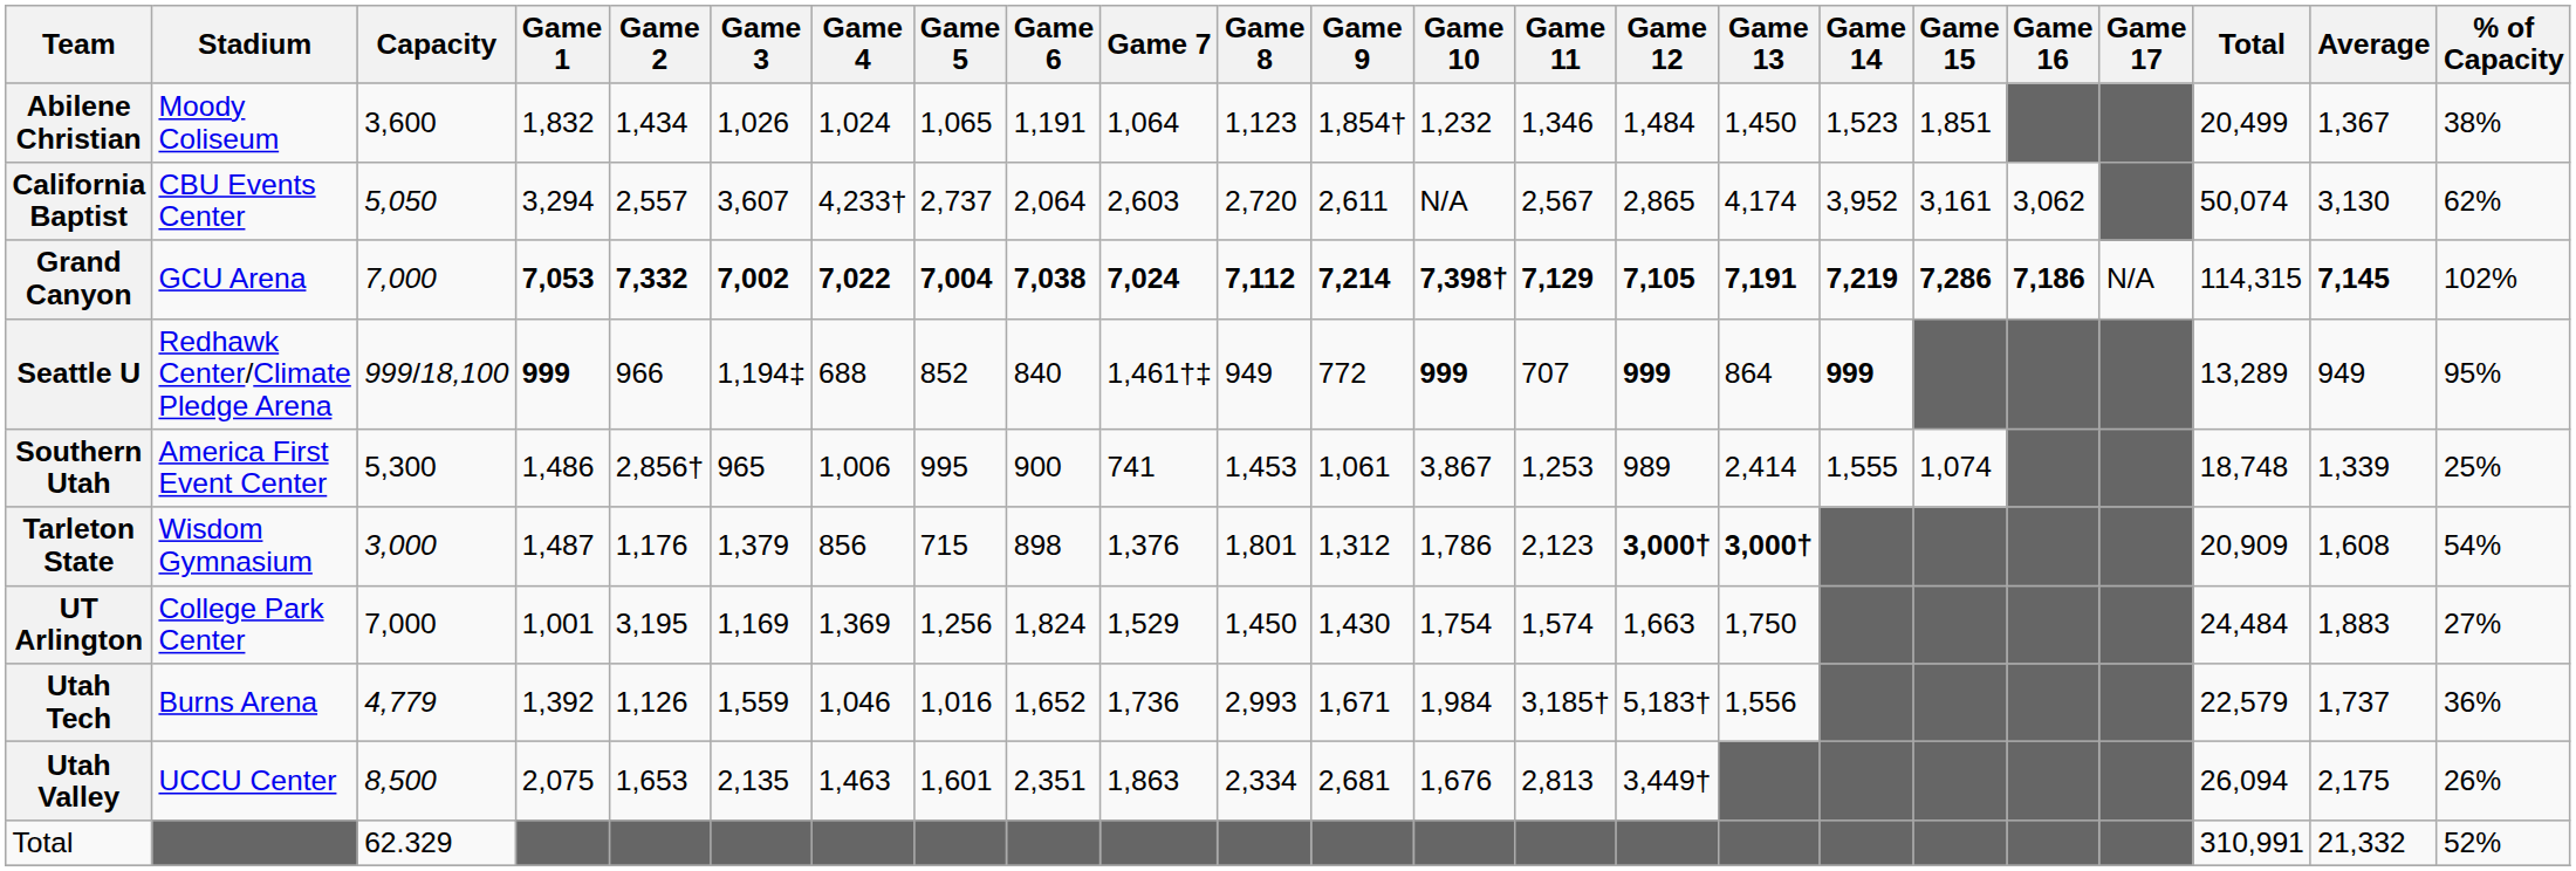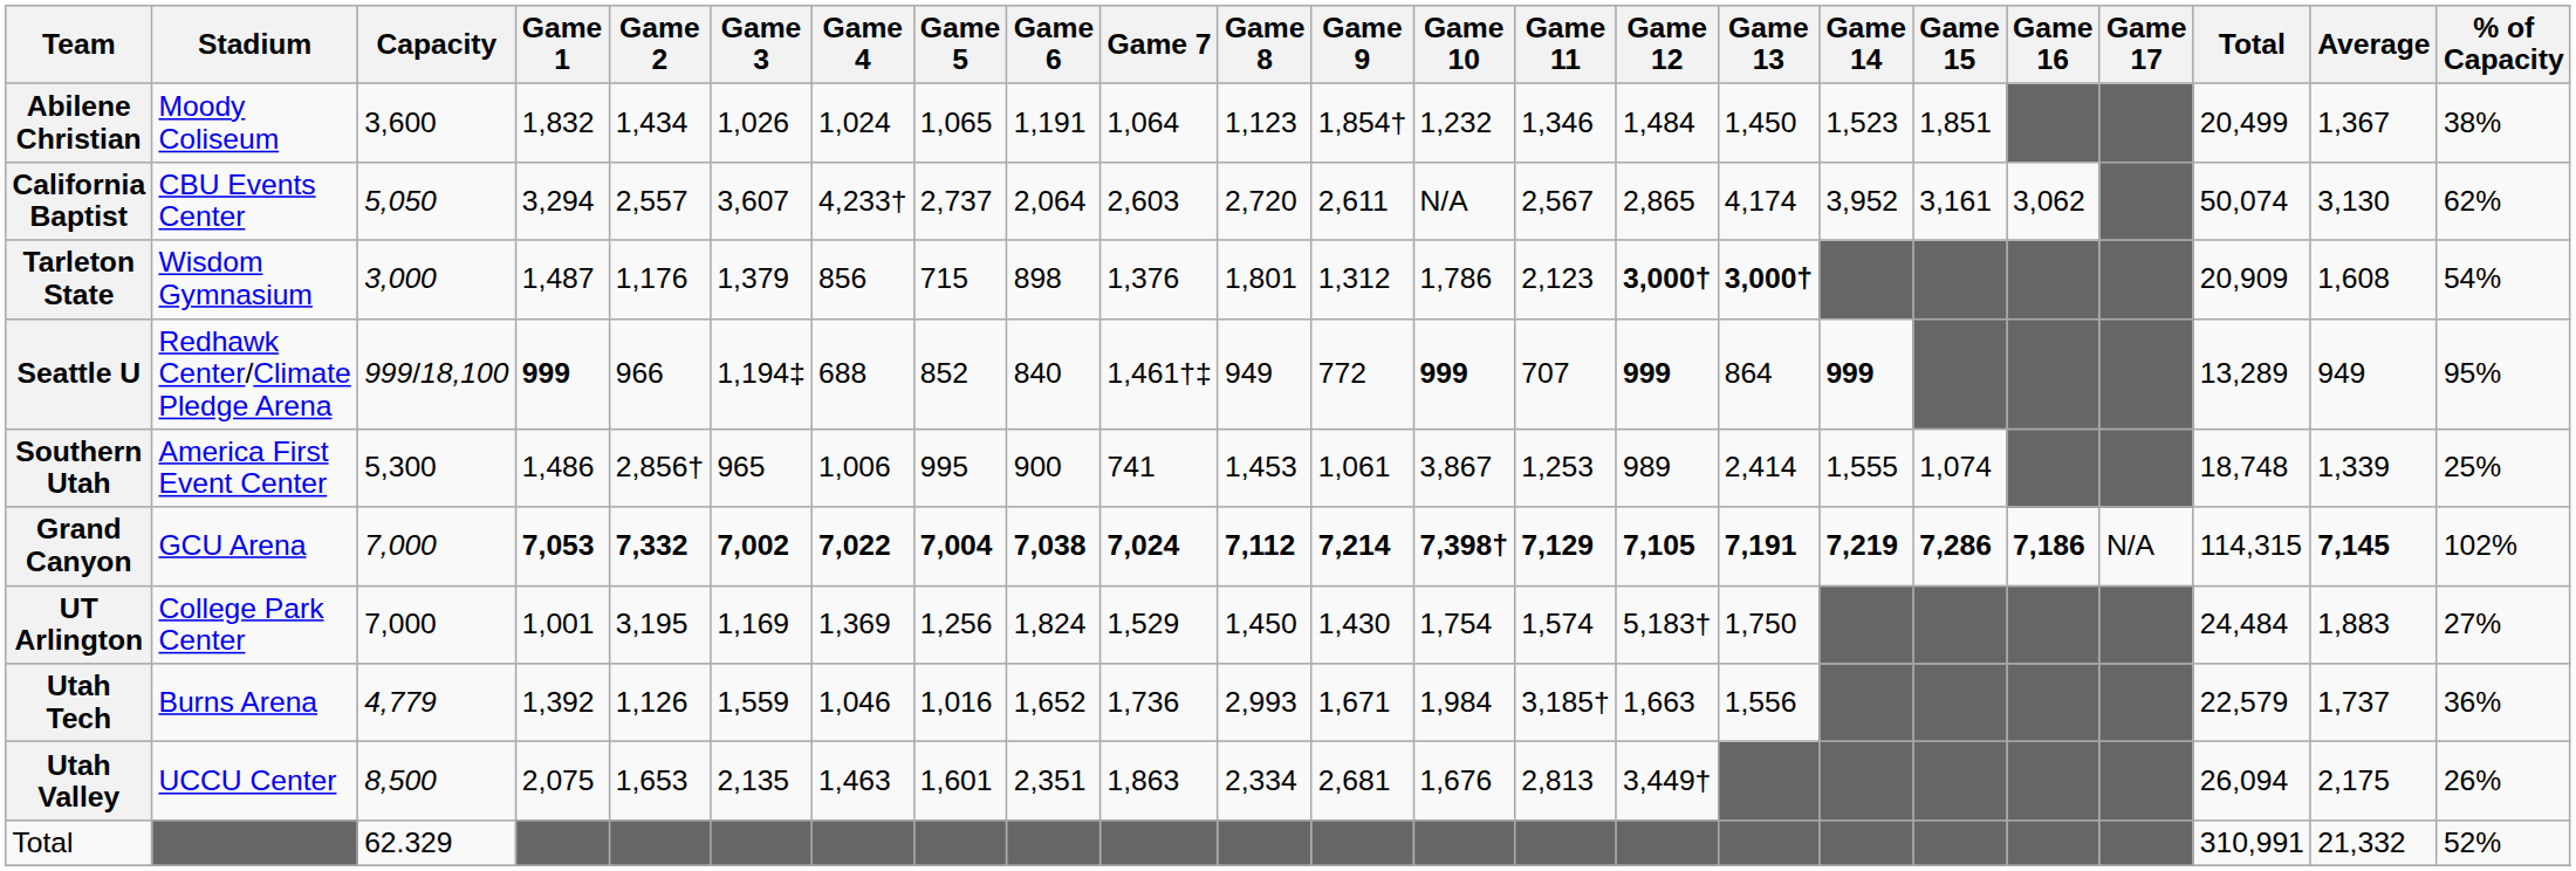 <table class="wikitable">
 <tr>
 <th>Team</th>
 <th>Stadium</th>
 <th>Capacity</th>
 <th>Game 1</th>
 <th>Game 2</th>
 <th>Game 3</th>
 <th>Game 4</th>
 <th>Game 5</th>
 <th>Game 6</th>
 <th>Game 7</th>
 <th>Game 8</th>
 <th>Game 9</th>
 <th>Game 10</th>
 <th>Game 11</th>
 <th>Game 12</th>
 <th>Game 13</th>
 <th>Game 14</th>
 <th>Game 15</th>
 <th>Game 16</th>
 <th>Game 17</th>
 <th>Total</th>
 <th>Average</th>
 <th>% of Capacity</th>
 </tr>
 <tr>
 <th style=>Abilene Christian</th>
 <td><a href='#'>Moody Coliseum</a></td>
 <td>3,600</td>
 <td>1,832</td>
 <td>1,434</td>
 <td>1,026</td>
 <td>1,024</td>
 <td>1,065</td>
 <td>1,191</td>
 <td>1,064</td>
 <td>1,123</td>
 <td>1,854†</td>
 <td>1,232</td>
 <td>1,346</td>
 <td>1,484</td>
 <td>1,450</td>
 <td>1,523</td>
 <td>1,851</td>
 <td style="background:#666666;"></td>
 <td style="background:#666666;"></td>
 <td>20,499</td>
 <td>1,367</td>
 <td>38%</td>
 </tr>
 <tr>
 <th style=>California Baptist</th>
 <td><a href='#'>CBU Events Center</a></td>
 <td><em>5,050</em></td>
 <td>3,294</td>
 <td>2,557</td>
 <td>3,607</td>
 <td>4,233†</td>
 <td>2,737</td>
 <td>2,064</td>
 <td>2,603</td>
 <td>2,720</td>
 <td>2,611</td>
 <td>N/A</td>
 <td>2,567</td>
 <td>2,865</td>
 <td>4,174</td>
 <td>3,952</td>
 <td>3,161</td>
 <td>3,062</td>
 <td style="background:#666666;"></td>
 <td>50,074</td>
 <td>3,130</td>
 <td>62%</td>
 </tr>
 <tr>
-<th style=>Grand Canyon</th>
-<td><a href='#'>GCU Arena</a></td>
-<td><em>7,000</em></td>
-<td><strong>7,053</strong></td>
-<td><strong>7,332</strong></td>
-<td><strong>7,002</strong></td>
-<td><strong>7,022</strong></td>
-<td><strong>7,004</strong></td>
-<td><strong>7,038</strong></td>
-<td><strong>7,024</strong></td>
-<td><strong>7,112</strong></td>
-<td><strong>7,214</strong></td>
-<td><strong>7,398†</strong></td>
-<td><strong>7,129</strong></td>
-<td><strong>7,105</strong></td>
-<td><strong>7,191</strong></td>
-<td><strong>7,219</strong></td>
-<td><strong>7,286</strong></td>
-<td><strong>7,186</strong></td>
-<td>N/A</td>
-<td>114,315</td>
-<td><strong>7,145</strong></td>
-<td>102%</td>
+<th>Tarleton State</th>
+<td><a href='#'>Wisdom Gymnasium</a></td>
+<td><em>3,000</em></td>
+<td>1,487</td>
+<td>1,176</td>
+<td>1,379</td>
+<td>856</td>
+<td>715</td>
+<td>898</td>
+<td>1,376</td>
+<td>1,801</td>
+<td>1,312</td>
+<td>1,786</td>
+<td>2,123</td>
+<td><strong>3,000†</strong></td>
+<td><strong>3,000†</strong></td>
+<td style="background:#666666;"></td>
+<td style="background:#666666;"></td>
+<td style="background:#666666;"></td>
+<td style="background:#666666;"></td>
+<td>20,909</td>
+<td>1,608</td>
+<td>54%</td>
 </tr>
 <tr>
 <th>Seattle U</th>
 <td><a href='#'>Redhawk Center</a>/<a href='#'>Climate Pledge Arena</a></td>
 <td><em>999</em>/<em>18,100</em></td>
 <td><strong>999</strong></td>
 <td>966</td>
 <td>1,194‡</td>
 <td>688</td>
 <td>852</td>
 <td>840</td>
 <td>1,461†‡</td>
 <td>949</td>
 <td>772</td>
 <td><strong>999</strong></td>
 <td>707</td>
 <td><strong>999</strong></td>
 <td>864</td>
 <td><strong>999</strong></td>
 <td style="background:#666666;"></td>
 <td style="background:#666666;"></td>
 <td style="background:#666666;"></td>
 <td>13,289</td>
 <td>949</td>
 <td>95%</td>
 </tr>
 <tr>
 <th>Southern Utah</th>
 <td><a href='#'>America First Event Center</a></td>
 <td>5,300</td>
 <td>1,486</td>
 <td>2,856†</td>
 <td>965</td>
 <td>1,006</td>
 <td>995</td>
 <td>900</td>
 <td>741</td>
 <td>1,453</td>
 <td>1,061</td>
 <td>3,867</td>
 <td>1,253</td>
 <td>989</td>
 <td>2,414</td>
 <td>1,555</td>
 <td>1,074</td>
 <td style="background:#666666;"></td>
 <td style="background:#666666;"></td>
 <td>18,748</td>
 <td>1,339</td>
 <td>25%</td>
 </tr>
 <tr>
-<th>Tarleton State</th>
-<td><a href='#'>Wisdom Gymnasium</a></td>
-<td><em>3,000</em></td>
-<td>1,487</td>
-<td>1,176</td>
-<td>1,379</td>
-<td>856</td>
-<td>715</td>
-<td>898</td>
-<td>1,376</td>
-<td>1,801</td>
-<td>1,312</td>
-<td>1,786</td>
-<td>2,123</td>
-<td><strong>3,000†</strong></td>
-<td><strong>3,000†</strong></td>
-<td style="background:#666666;"></td>
-<td style="background:#666666;"></td>
-<td style="background:#666666;"></td>
-<td style="background:#666666;"></td>
-<td>20,909</td>
-<td>1,608</td>
-<td>54%</td>
+<th style=>Grand Canyon</th>
+<td><a href='#'>GCU Arena</a></td>
+<td><em>7,000</em></td>
+<td><strong>7,053</strong></td>
+<td><strong>7,332</strong></td>
+<td><strong>7,002</strong></td>
+<td><strong>7,022</strong></td>
+<td><strong>7,004</strong></td>
+<td><strong>7,038</strong></td>
+<td><strong>7,024</strong></td>
+<td><strong>7,112</strong></td>
+<td><strong>7,214</strong></td>
+<td><strong>7,398†</strong></td>
+<td><strong>7,129</strong></td>
+<td><strong>7,105</strong></td>
+<td><strong>7,191</strong></td>
+<td><strong>7,219</strong></td>
+<td><strong>7,286</strong></td>
+<td><strong>7,186</strong></td>
+<td>N/A</td>
+<td>114,315</td>
+<td><strong>7,145</strong></td>
+<td>102%</td>
 </tr>
 <tr>
 <th>UT Arlington</th>
 <td><a href='#'>College Park Center</a></td>
 <td>7,000</td>
 <td>1,001</td>
 <td>3,195</td>
 <td>1,169</td>
 <td>1,369</td>
 <td>1,256</td>
 <td>1,824</td>
 <td>1,529</td>
 <td>1,450</td>
 <td>1,430</td>
 <td>1,754</td>
 <td>1,574</td>
-<td>1,663</td>
+<td>5,183†</td>
 <td>1,750</td>
 <td style="background:#666666;"></td>
 <td style="background:#666666;"></td>
 <td style="background:#666666;"></td>
 <td style="background:#666666;"></td>
 <td>24,484</td>
 <td>1,883</td>
 <td>27%</td>
 </tr>
 <tr>
 <th>Utah Tech</th>
 <td><a href='#'>Burns Arena</a></td>
 <td><em>4,779</em></td>
 <td>1,392</td>
 <td>1,126</td>
 <td>1,559</td>
 <td>1,046</td>
 <td>1,016</td>
 <td>1,652</td>
 <td>1,736</td>
 <td>2,993</td>
 <td>1,671</td>
 <td>1,984</td>
 <td>3,185†</td>
-<td>5,183†</td>
+<td>1,663</td>
 <td>1,556</td>
 <td style="background:#666666;"></td>
 <td style="background:#666666;"></td>
 <td style="background:#666666;"></td>
 <td style="background:#666666;"></td>
 <td>22,579</td>
 <td>1,737</td>
 <td>36%</td>
 </tr>
 <tr>
 <th>Utah Valley</th>
 <td><a href='#'>UCCU Center</a></td>
 <td><em>8,500</em></td>
 <td>2,075</td>
 <td>1,653</td>
 <td>2,135</td>
 <td>1,463</td>
 <td>1,601</td>
 <td>2,351</td>
 <td>1,863</td>
 <td>2,334</td>
 <td>2,681</td>
 <td>1,676</td>
 <td>2,813</td>
 <td>3,449†</td>
 <td style="background:#666666;"></td>
 <td style="background:#666666;"></td>
 <td style="background:#666666;"></td>
 <td style="background:#666666;"></td>
 <td style="background:#666666;"></td>
 <td>26,094</td>
 <td>2,175</td>
 <td>26%</td>
 </tr>
 <tr>
 <td>Total</td>
 <td style="background:#666666;"></td>
 <td>62.329</td>
 <td style="background:#666666;"></td>
 <td style="background:#666666;"></td>
 <td style="background:#666666;"></td>
 <td style="background:#666666;"></td>
 <td style="background:#666666;"></td>
 <td style="background:#666666;"></td>
 <td style="background:#666666;"></td>
 <td style="background:#666666;"></td>
 <td style="background:#666666;"></td>
 <td style="background:#666666;"></td>
 <td style="background:#666666;"></td>
 <td style="background:#666666;"></td>
 <td style="background:#666666;"></td>
 <td style="background:#666666;"></td>
 <td style="background:#666666;"></td>
 <td style="background:#666666;"></td>
 <td style="background:#666666;"></td>
 <td>310,991</td>
 <td>21,332</td>
 <td>52%</td>
 </tr>
 <tr>
 </tr>
 </table>
